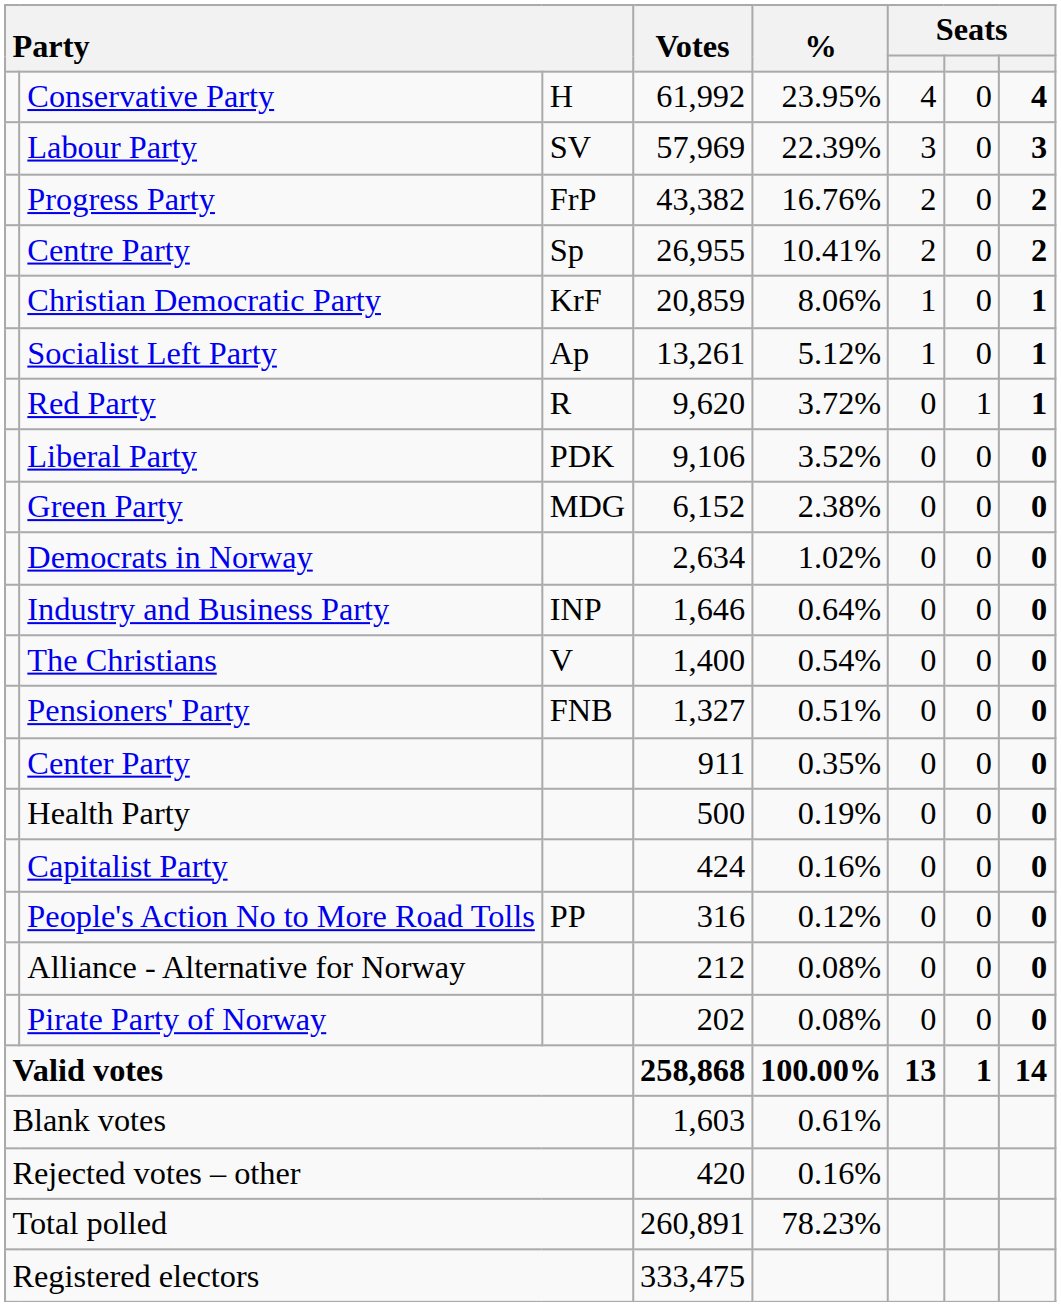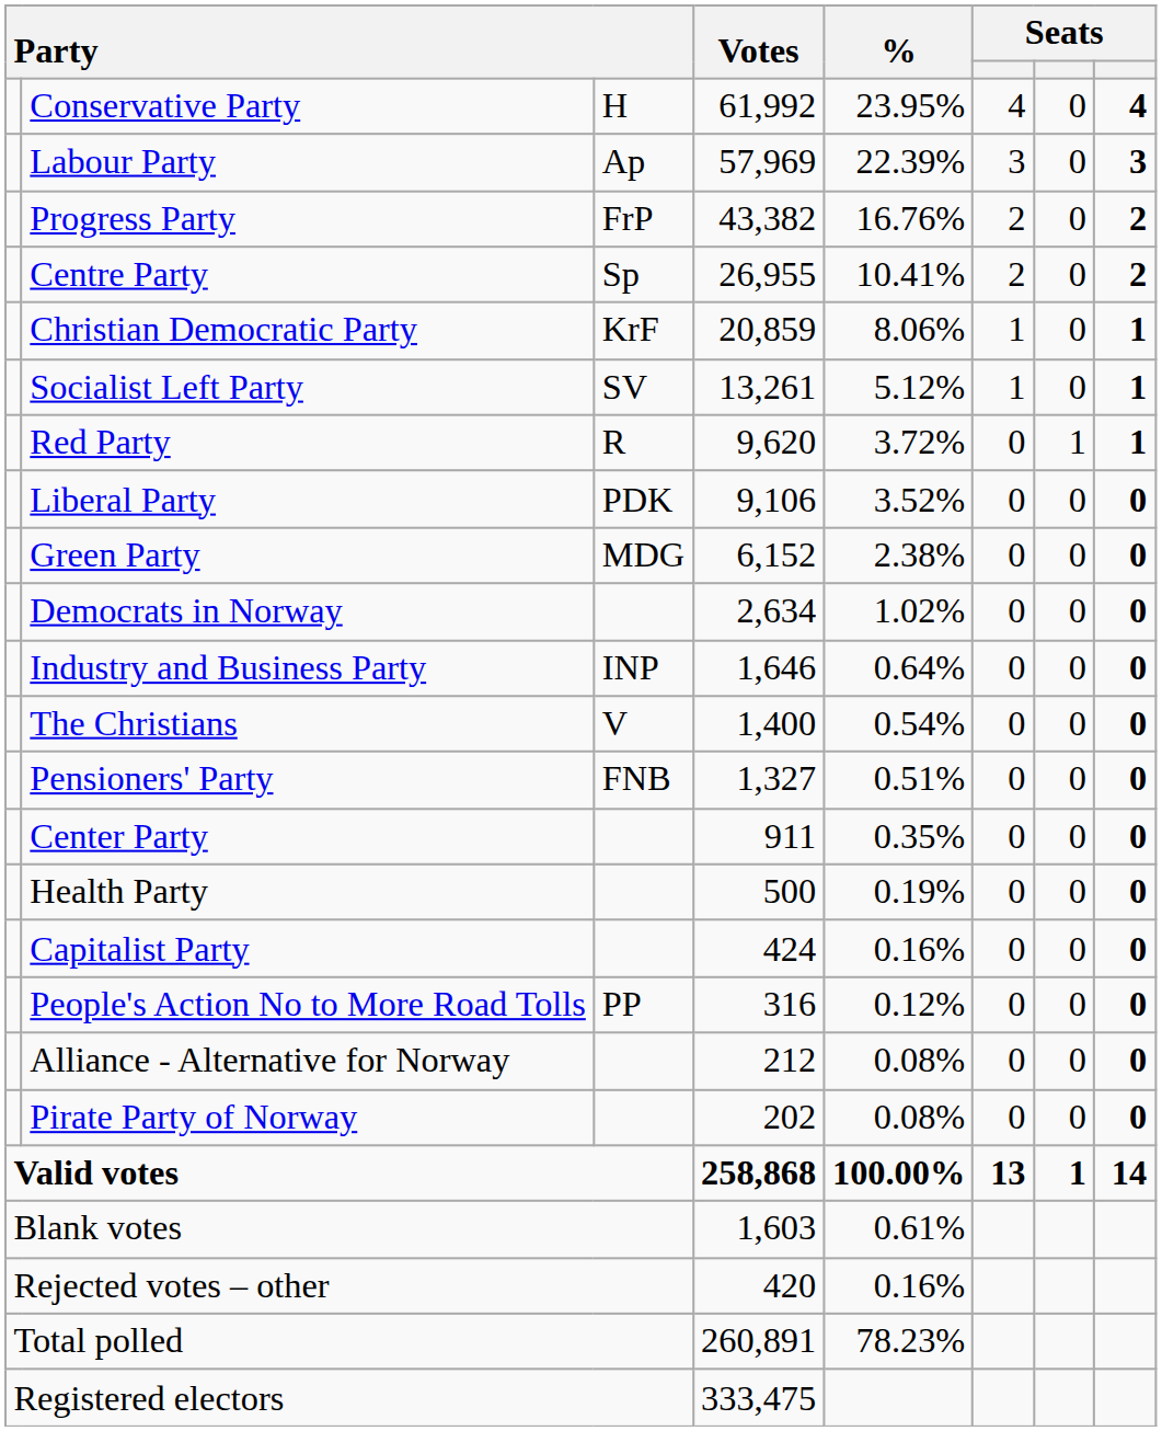 <table class="wikitable" border="1" style="text-align:right;">
 <tr>
 <th style="text-align:left;" valign=bottom rowspan=2 colspan=3>Party</th>
 <th align=center valign=bottom rowspan=2 width="50">Votes</th>
 <th align=center valign=bottom rowspan=2 width="50">%</th>
 <th colspan=3>Seats</th>
 </tr>
 <tr>
 <th align=center valign=bottom width="20"><small></small></th>
 <th align=center valign=bottom width="20"><small><a href='#'></a></small></th>
 <th align=center valign=bottom width="20"><small></small></th>
 </tr>
 <tr>
 <td style="color:inherit;background:"></td>
 <td align=left><a href='#'>Conservative Party</a></td>
 <td align=left>H</td>
 <td>61,992</td>
 <td>23.95%</td>
 <td>4</td>
 <td>0</td>
 <td><strong>4</strong></td>
 </tr>
 <tr>
 <td style="color:inherit;background:"></td>
 <td align=left><a href='#'>Labour Party</a></td>
-<td align=left>SV</td>
+<td align=left>Ap</td>
 <td>57,969</td>
 <td>22.39%</td>
 <td>3</td>
 <td>0</td>
 <td><strong>3</strong></td>
 </tr>
 <tr>
 <td style="color:inherit;background:"></td>
 <td align=left><a href='#'>Progress Party</a></td>
 <td align=left>FrP</td>
 <td>43,382</td>
 <td>16.76%</td>
 <td>2</td>
 <td>0</td>
 <td><strong>2</strong></td>
 </tr>
 <tr>
 <td style="color:inherit;background:"></td>
 <td align=left><a href='#'>Centre Party</a></td>
 <td align=left>Sp</td>
 <td>26,955</td>
 <td>10.41%</td>
 <td>2</td>
 <td>0</td>
 <td><strong>2</strong></td>
 </tr>
 <tr>
 <td style="color:inherit;background:"></td>
 <td align=left><a href='#'>Christian Democratic Party</a></td>
 <td align=left>KrF</td>
 <td>20,859</td>
 <td>8.06%</td>
 <td>1</td>
 <td>0</td>
 <td><strong>1</strong></td>
 </tr>
 <tr>
 <td style="color:inherit;background:"></td>
 <td align=left><a href='#'>Socialist Left Party</a></td>
-<td align=left>Ap</td>
+<td align=left>SV</td>
 <td>13,261</td>
 <td>5.12%</td>
 <td>1</td>
 <td>0</td>
 <td><strong>1</strong></td>
 </tr>
 <tr>
 <td style="color:inherit;background:"></td>
 <td align=left><a href='#'>Red Party</a></td>
 <td align=left>R</td>
 <td>9,620</td>
 <td>3.72%</td>
 <td>0</td>
 <td>1</td>
 <td><strong>1</strong></td>
 </tr>
 <tr>
 <td style="color:inherit;background:"></td>
 <td align=left><a href='#'>Liberal Party</a></td>
 <td align=left>PDK</td>
 <td>9,106</td>
 <td>3.52%</td>
 <td>0</td>
 <td>0</td>
 <td><strong>0</strong></td>
 </tr>
 <tr>
 <td style="color:inherit;background:"></td>
 <td align=left><a href='#'>Green Party</a></td>
 <td align=left>MDG</td>
 <td>6,152</td>
 <td>2.38%</td>
 <td>0</td>
 <td>0</td>
 <td><strong>0</strong></td>
 </tr>
 <tr>
 <td style="color:inherit;background:"></td>
 <td align=left><a href='#'>Democrats in Norway</a></td>
 <td align=left></td>
 <td>2,634</td>
 <td>1.02%</td>
 <td>0</td>
 <td>0</td>
 <td><strong>0</strong></td>
 </tr>
 <tr>
 <td style="color:inherit;background:"></td>
 <td align=left><a href='#'>Industry and Business Party</a></td>
 <td align=left>INP</td>
 <td>1,646</td>
 <td>0.64%</td>
 <td>0</td>
 <td>0</td>
 <td><strong>0</strong></td>
 </tr>
 <tr>
 <td style="color:inherit;background:"></td>
 <td align=left><a href='#'>The Christians</a></td>
 <td align=left>V</td>
 <td>1,400</td>
 <td>0.54%</td>
 <td>0</td>
 <td>0</td>
 <td><strong>0</strong></td>
 </tr>
 <tr>
 <td style="color:inherit;background:"></td>
 <td align=left><a href='#'>Pensioners' Party</a></td>
 <td align=left>FNB</td>
 <td>1,327</td>
 <td>0.51%</td>
 <td>0</td>
 <td>0</td>
 <td><strong>0</strong></td>
 </tr>
 <tr>
 <td style="color:inherit;background:"></td>
 <td align=left><a href='#'>Center Party</a></td>
 <td align=left></td>
 <td>911</td>
 <td>0.35%</td>
 <td>0</td>
 <td>0</td>
 <td><strong>0</strong></td>
 </tr>
 <tr>
 <td></td>
 <td align=left>Health Party</td>
 <td align=left></td>
 <td>500</td>
 <td>0.19%</td>
 <td>0</td>
 <td>0</td>
 <td><strong>0</strong></td>
 </tr>
 <tr>
 <td style="color:inherit;background:"></td>
 <td align=left><a href='#'>Capitalist Party</a></td>
 <td align=left></td>
 <td>424</td>
 <td>0.16%</td>
 <td>0</td>
 <td>0</td>
 <td><strong>0</strong></td>
 </tr>
 <tr>
 <td style="color:inherit;background:"></td>
 <td align=left><a href='#'>People's Action No to More Road Tolls</a></td>
 <td align=left>PP</td>
 <td>316</td>
 <td>0.12%</td>
 <td>0</td>
 <td>0</td>
 <td><strong>0</strong></td>
 </tr>
 <tr>
 <td></td>
 <td align=left>Alliance - Alternative for Norway</td>
 <td align=left></td>
 <td>212</td>
 <td>0.08%</td>
 <td>0</td>
 <td>0</td>
 <td><strong>0</strong></td>
 </tr>
 <tr>
 <td style="color:inherit;background:"></td>
 <td align=left><a href='#'>Pirate Party of Norway</a></td>
 <td align=left></td>
 <td>202</td>
 <td>0.08%</td>
 <td>0</td>
 <td>0</td>
 <td><strong>0</strong></td>
 </tr>
 <tr style="font-weight:bold">
 <td align=left colspan=3>Valid votes</td>
 <td>258,868</td>
 <td>100.00%</td>
 <td>13</td>
 <td>1</td>
 <td>14</td>
 </tr>
 <tr>
 <td align=left colspan=3>Blank votes</td>
 <td>1,603</td>
 <td>0.61%</td>
 <td></td>
 <td></td>
 <td></td>
 </tr>
 <tr>
 <td align=left colspan=3>Rejected votes – other</td>
 <td>420</td>
 <td>0.16%</td>
 <td></td>
 <td></td>
 <td></td>
 </tr>
 <tr>
 <td align=left colspan=3>Total polled</td>
 <td>260,891</td>
 <td>78.23%</td>
 <td></td>
 <td></td>
 <td></td>
 </tr>
 <tr>
 <td align=left colspan=3>Registered electors</td>
 <td>333,475</td>
 <td></td>
 <td></td>
 <td></td>
 <td></td>
 </tr>
 </table>
